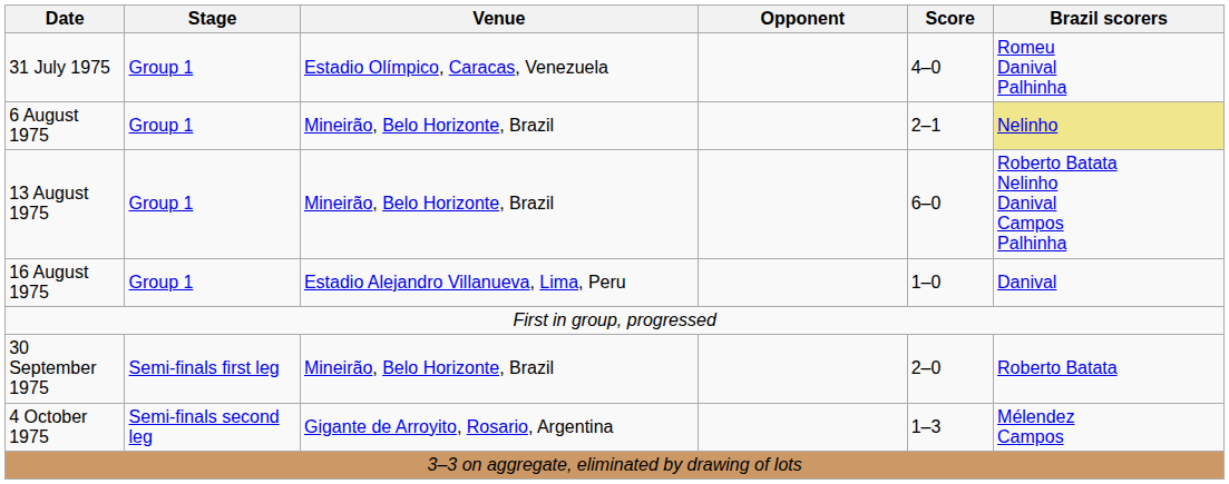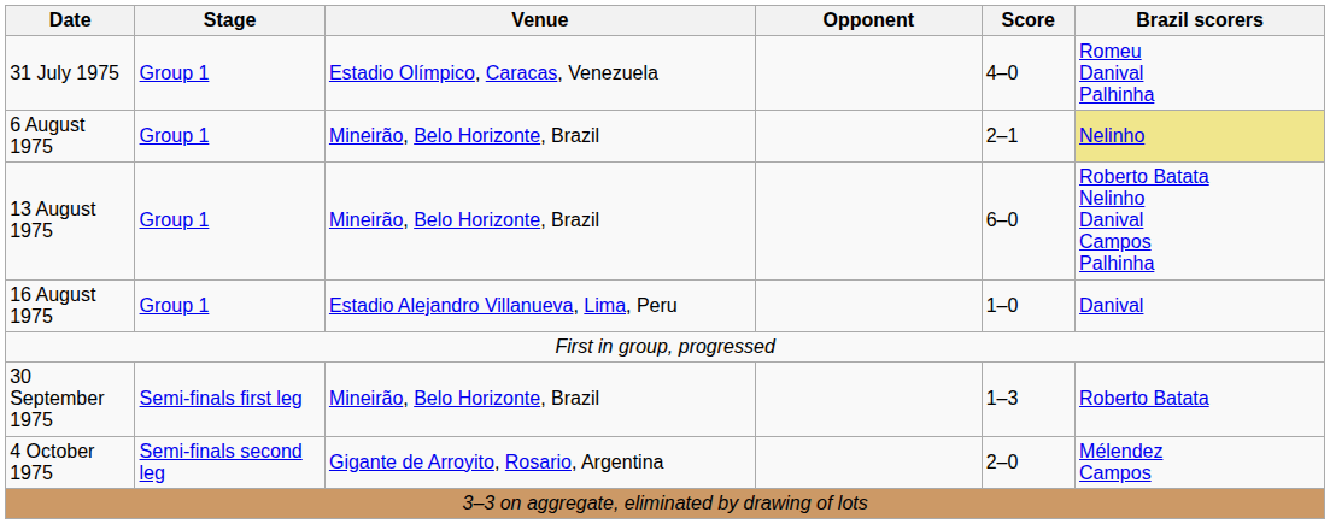 <table class="wikitable">
 <tr>
 <th width=100px>Date</th>
 <th width=150px>Stage</th>
 <th width=350px>Venue</th>
 <th width=180px>Opponent</th>
 <th width=70px>Score</th>
 <th width=200px>Brazil scorers</th>
 </tr>
 <tr>
 <td>31 July 1975</td>
 <td><a href='#'>Group 1</a></td>
 <td><a href='#'>Estadio Olímpico</a>, <a href='#'>Caracas</a>, Venezuela</td>
 <td></td>
 <td>4–0</td>
 <td><a href='#'>Romeu</a>  <br> <a href='#'>Danival</a>  <br> <a href='#'>Palhinha</a> </td>
 </tr>
 <tr>
 <td>6 August 1975</td>
 <td><a href='#'>Group 1</a></td>
 <td><a href='#'>Mineirão</a>, <a href='#'>Belo Horizonte</a>, Brazil</td>
 <td></td>
 <td>2–1</td>
 <td style="background: khaki;"><a href='#'>Nelinho</a> </td>
 </tr>
 <tr>
 <td>13 August 1975</td>
 <td><a href='#'>Group 1</a></td>
 <td><a href='#'>Mineirão</a>, <a href='#'>Belo Horizonte</a>, Brazil</td>
 <td></td>
 <td>6–0</td>
 <td><a href='#'>Roberto Batata</a>  <br> <a href='#'>Nelinho</a>  <br> <a href='#'>Danival</a>  <br> <a href='#'>Campos</a>  <br> <a href='#'>Palhinha</a> </td>
 </tr>
 <tr>
 <td>16 August 1975</td>
 <td><a href='#'>Group 1</a></td>
 <td><a href='#'>Estadio Alejandro Villanueva</a>, <a href='#'>Lima</a>, Peru</td>
 <td></td>
 <td>1–0</td>
 <td><a href='#'>Danival</a> </td>
 </tr>
 <tr>
 <td colspan="6" style="text-align:center;"><em>First in group, progressed</em></td>
 </tr>
 <tr>
 <td>30 September 1975</td>
 <td><a href='#'>Semi-finals first leg</a></td>
 <td><a href='#'>Mineirão</a>, <a href='#'>Belo Horizonte</a>, Brazil</td>
 <td></td>
-<td>2–0</td>
+<td>1–3</td>
 <td><a href='#'>Roberto Batata</a> </td>
 </tr>
 <tr>
 <td>4 October 1975</td>
 <td><a href='#'>Semi-finals second leg</a></td>
 <td><a href='#'>Gigante de Arroyito</a>, <a href='#'>Rosario</a>, Argentina</td>
 <td></td>
-<td>1–3</td>
+<td>2–0</td>
 <td><a href='#'>Mélendez</a>  <br> <a href='#'>Campos</a> </td>
 </tr>
 <tr>
 <td colspan="6"  style="text-align:center; background:#c96;"><em>3–3 on aggregate, eliminated by drawing of lots</em></td>
 </tr>
 </table>
